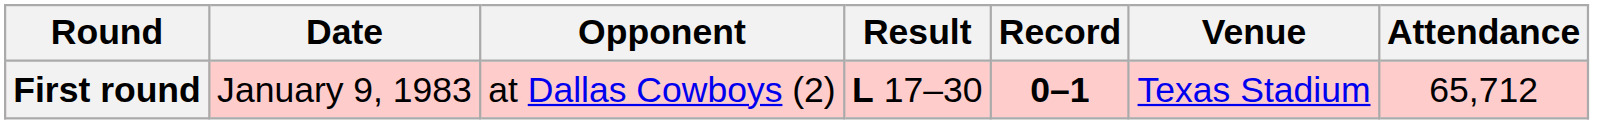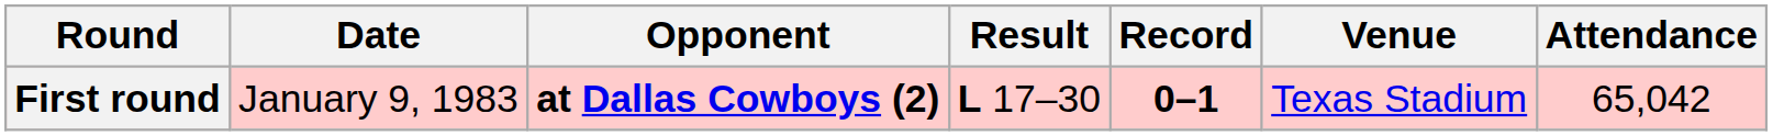 <table class="wikitable" style="text-align:center">
 <tr>
 <th>Round</th>
 <th>Date</th>
 <th>Opponent</th>
 <th>Result</th>
 <th>Record</th>
 <th>Venue</th>
 <th>Attendance</th>
 </tr>
 <tr style="background:#fcc">
 <th>First round</th>
 <td>January 9, 1983</td>
-<td>at  <a href='#'>Dallas Cowboys</a> (2)</td>
+<td><strong>at  <a href='#'>Dallas Cowboys</a> (2)</strong></td>
 <td><strong>L</strong> 17–30</td>
 <td><strong>0–1</strong></td>
 <td><a href='#'>Texas Stadium</a></td>
-<td>65,712</td>
+<td>65,042</td>
 </tr>
 </table>
